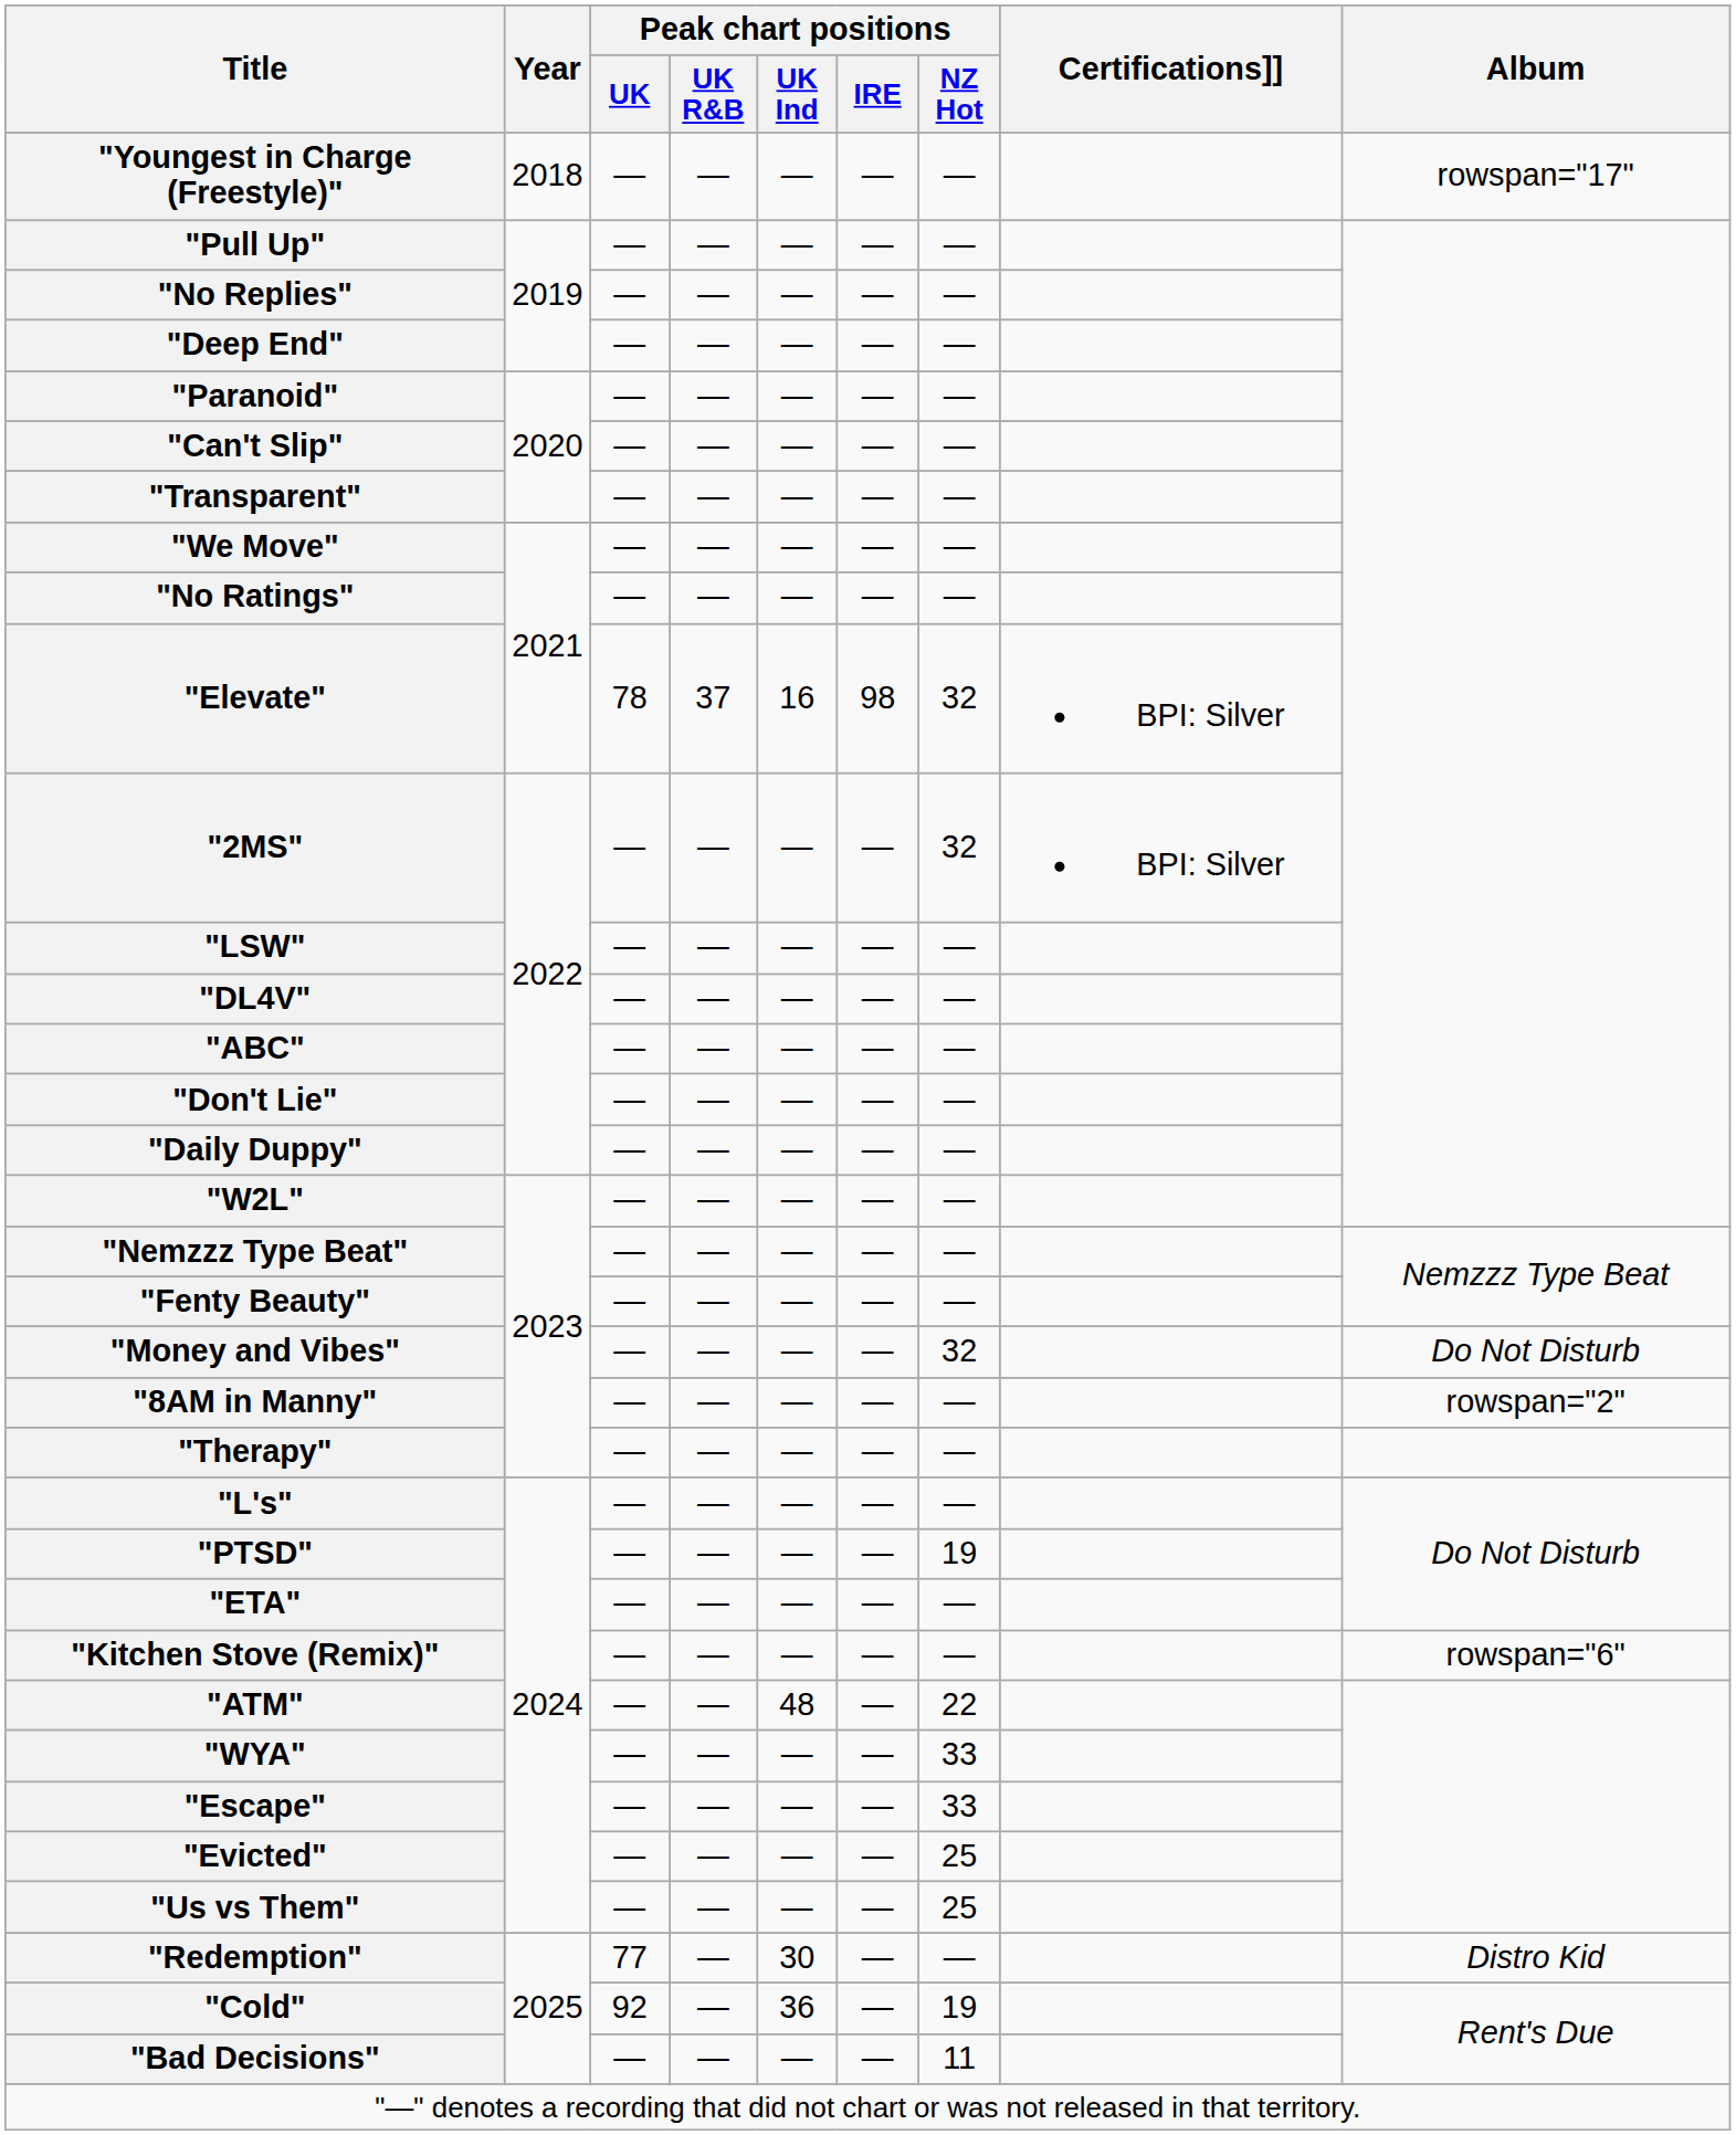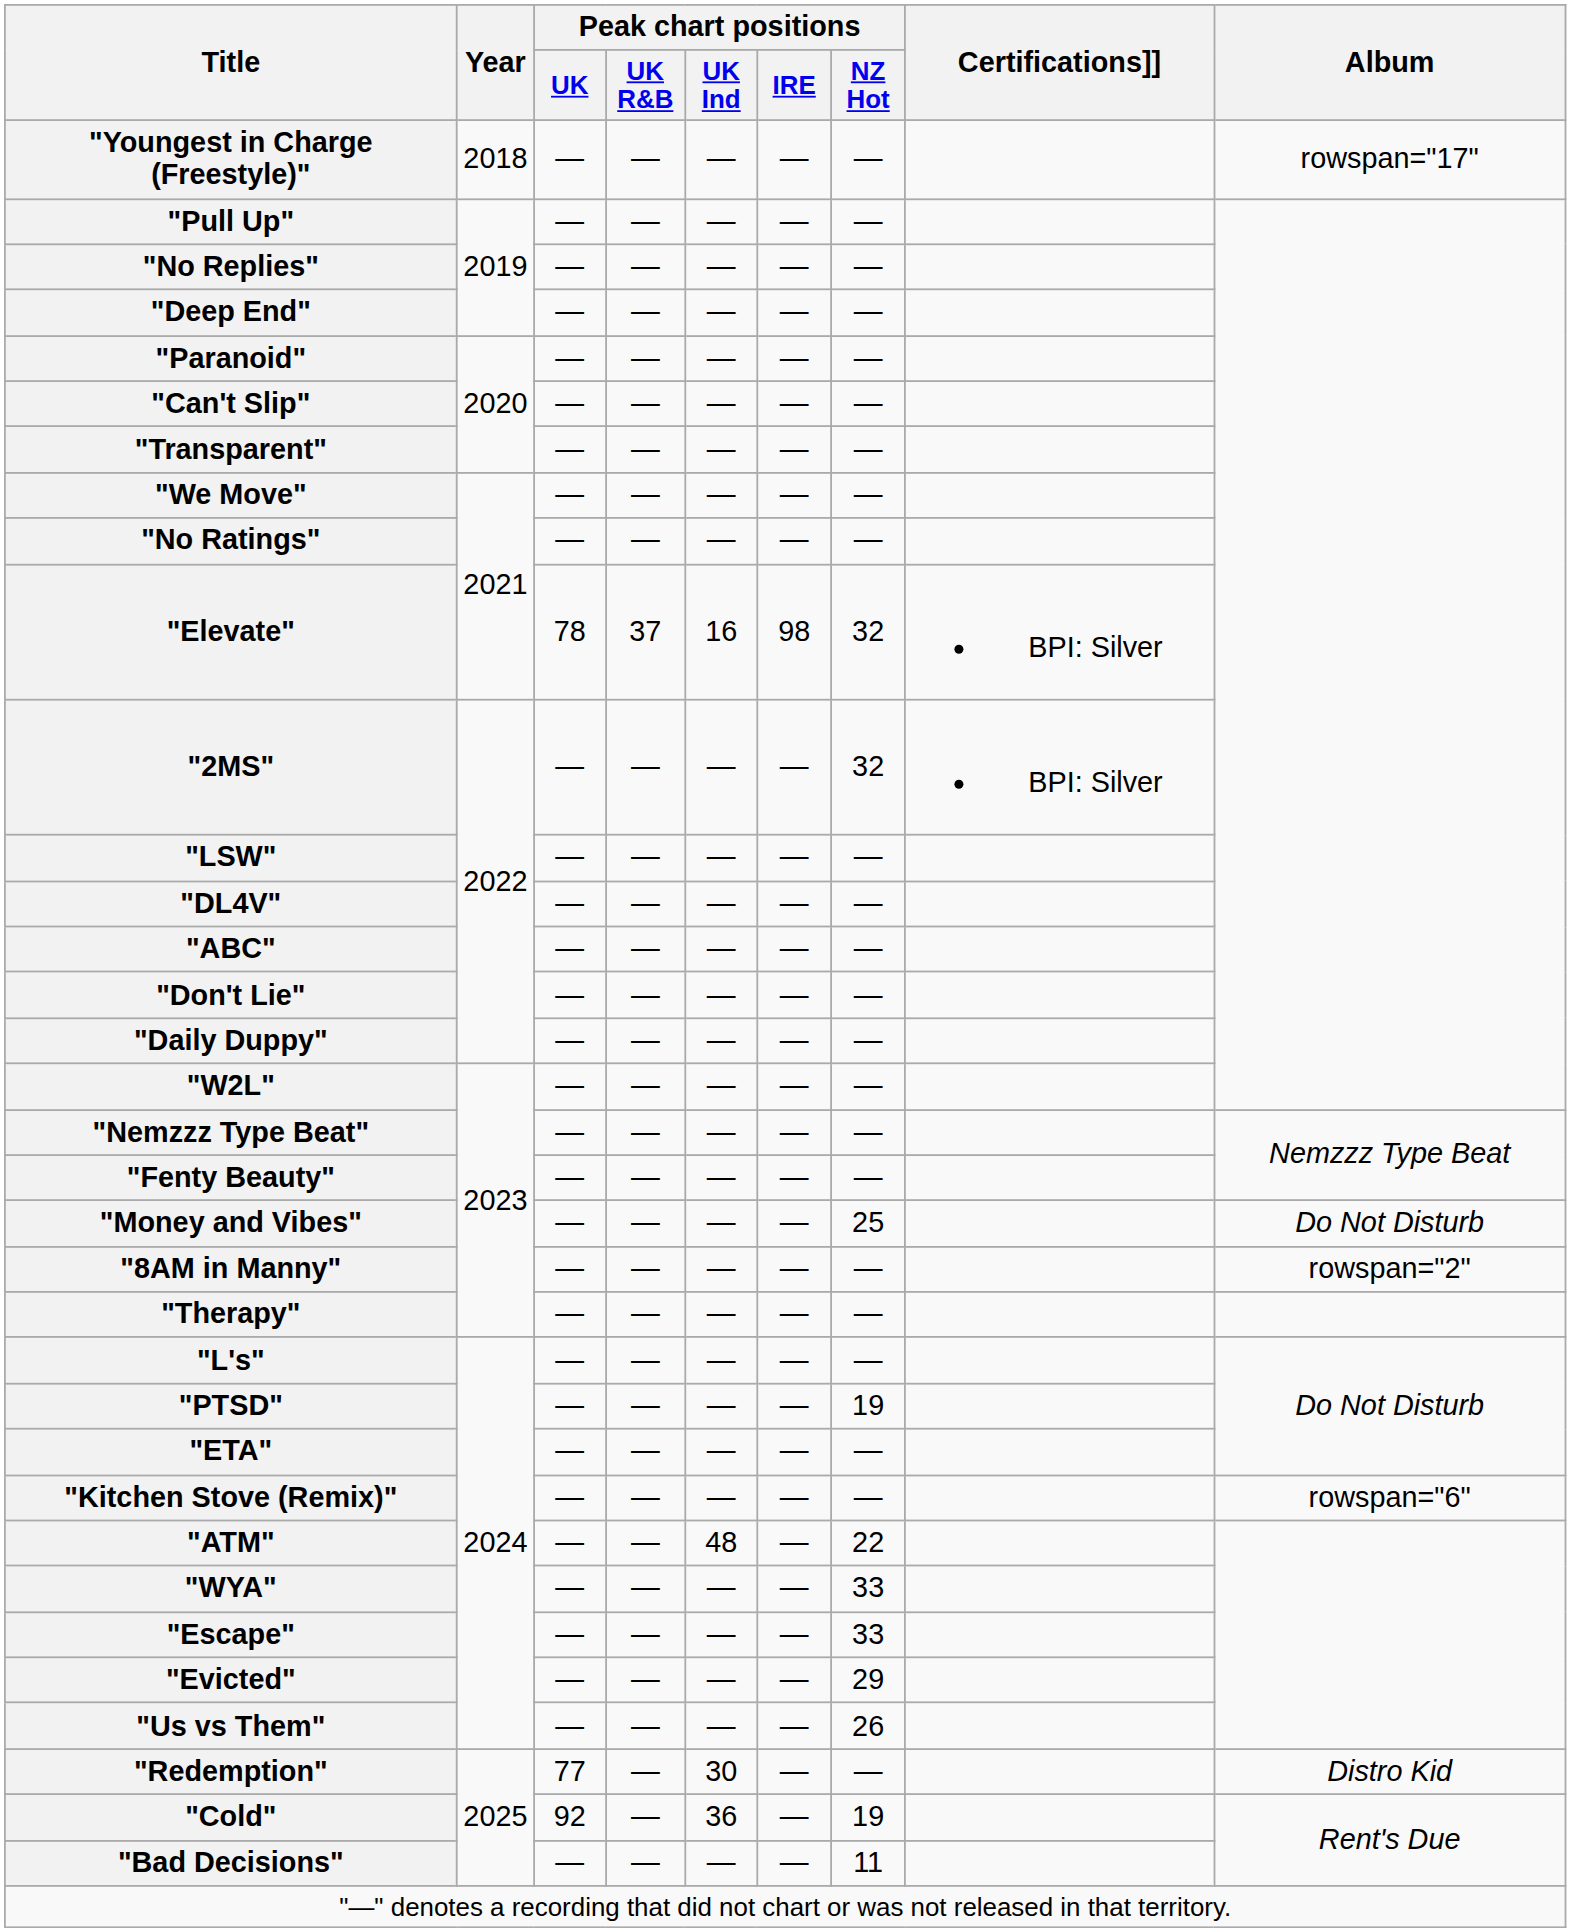 <table class="wikitable plainrowheaders" style="text-align:center;">
 <tr>
 <th scope="col" rowspan="2" style="width:22.5em;">Title</th>
 <th scope="col" rowspan="2" style="width:1em;">Year</th>
 <th scope="col" colspan="5">Peak chart positions</th>
 <th scope="col" rowspan="2" style="width:13em;">Certifications]]</th>
 <th scope="col" rowspan="2" style="width:16.5em;">Album</th>
 </tr>
 <tr>
 <th scope="col" style="width:3em;font-size:90%;"><a href='#'>UK</a><br></th>
 <th scope="col" style="width:3em;font-size:90%;"><a href='#'>UK<br>R&B</a><br></th>
 <th scope="col" style="width:3em;font-size:90%;"><a href='#'>UK<br>Ind</a><br></th>
 <th scope="col" style="width:3em;font-size:90%;"><a href='#'>IRE</a><br></th>
 <th scope="col" style="width:3em;font-size:90%;"><a href='#'>NZ<br>Hot</a><br></th>
 </tr>
 <tr>
 <th scope="row">"Youngest in Charge (Freestyle)"</th>
 <td>2018</td>
 <td>—</td>
 <td>—</td>
 <td>—</td>
 <td>—</td>
 <td>—</td>
 <td></td>
 <td>rowspan="17" </td>
 </tr>
 <tr>
 <th scope="row">"Pull Up"</th>
 <td rowspan="3">2019</td>
 <td>—</td>
 <td>—</td>
 <td>—</td>
 <td>—</td>
 <td>—</td>
 <td></td>
 </tr>
 <tr>
 <th scope="row">"No Replies"</th>
 <td>—</td>
 <td>—</td>
 <td>—</td>
 <td>—</td>
 <td>—</td>
 <td></td>
 </tr>
 <tr>
 <th scope="row">"Deep End"</th>
 <td>—</td>
 <td>—</td>
 <td>—</td>
 <td>—</td>
 <td>—</td>
 <td></td>
 </tr>
 <tr>
 <th scope="row">"Paranoid"</th>
 <td rowspan="3">2020</td>
 <td>—</td>
 <td>—</td>
 <td>—</td>
 <td>—</td>
 <td>—</td>
 <td></td>
 </tr>
 <tr>
 <th scope="row">"Can't Slip"</th>
 <td>—</td>
 <td>—</td>
 <td>—</td>
 <td>—</td>
 <td>—</td>
 <td></td>
 </tr>
 <tr>
 <th scope="row">"Transparent"</th>
 <td>—</td>
 <td>—</td>
 <td>—</td>
 <td>—</td>
 <td>—</td>
 <td></td>
 </tr>
 <tr>
 <th scope="row">"We Move"</th>
 <td rowspan="3">2021</td>
 <td>—</td>
 <td>—</td>
 <td>—</td>
 <td>—</td>
 <td>—</td>
 <td></td>
 </tr>
 <tr>
 <th scope="row">"No Ratings"</th>
 <td>—</td>
 <td>—</td>
 <td>—</td>
 <td>—</td>
 <td>—</td>
 <td></td>
 </tr>
 <tr>
 <th scope="row">"Elevate"</th>
 <td>78</td>
 <td>37</td>
 <td>16</td>
 <td>98</td>
 <td>32</td>
 <td><br><ul><li>BPI: Silver</li></ul></td>
 </tr>
 <tr>
 <th scope="row">"2MS"</th>
 <td rowspan="6">2022</td>
 <td>—</td>
 <td>—</td>
 <td>—</td>
 <td>—</td>
 <td>32</td>
 <td><br><ul><li>BPI: Silver</li></ul></td>
 </tr>
 <tr>
 <th scope="row">"LSW"</th>
 <td>—</td>
 <td>—</td>
 <td>—</td>
 <td>—</td>
 <td>—</td>
 <td></td>
 </tr>
 <tr>
 <th scope="row">"DL4V"</th>
 <td>—</td>
 <td>—</td>
 <td>—</td>
 <td>—</td>
 <td>—</td>
 <td></td>
 </tr>
 <tr>
 <th scope="row">"ABC"</th>
 <td>—</td>
 <td>—</td>
 <td>—</td>
 <td>—</td>
 <td>—</td>
 <td></td>
 </tr>
 <tr>
 <th scope="row">"Don't Lie"<br></th>
 <td>—</td>
 <td>—</td>
 <td>—</td>
 <td>—</td>
 <td>—</td>
 <td></td>
 </tr>
 <tr>
 <th scope="row">"Daily Duppy"<br></th>
 <td>—</td>
 <td>—</td>
 <td>—</td>
 <td>—</td>
 <td>—</td>
 <td></td>
 </tr>
 <tr>
 <th scope="row">"W2L"</th>
 <td rowspan="6">2023</td>
 <td>—</td>
 <td>—</td>
 <td>—</td>
 <td>—</td>
 <td>—</td>
 <td></td>
 </tr>
 <tr>
 <th scope="row">"Nemzzz Type Beat"</th>
 <td>—</td>
 <td>—</td>
 <td>—</td>
 <td>—</td>
 <td>—</td>
 <td></td>
 <td rowspan="2"><em>Nemzzz Type Beat</em></td>
 </tr>
 <tr>
 <th scope="row">"Fenty Beauty"</th>
 <td>—</td>
 <td>—</td>
 <td>—</td>
 <td>—</td>
 <td>—</td>
 <td></td>
 </tr>
 <tr>
 <th scope="row">"Money and Vibes"</th>
 <td>—</td>
 <td>—</td>
 <td>—</td>
 <td>—</td>
-<td>32</td>
+<td>25</td>
 <td></td>
 <td><em>Do Not Disturb</em></td>
 </tr>
 <tr>
 <th scope="row">"8AM in Manny"</th>
 <td>—</td>
 <td>—</td>
 <td>—</td>
 <td>—</td>
 <td>—</td>
 <td></td>
 <td>rowspan="2" </td>
 </tr>
 <tr>
 <th scope="row">"Therapy"</th>
 <td>—</td>
 <td>—</td>
 <td>—</td>
 <td>—</td>
 <td>—</td>
 <td></td>
 </tr>
 <tr>
 <th scope="row">"L's"</th>
 <td rowspan="9">2024</td>
 <td>—</td>
 <td>—</td>
 <td>—</td>
 <td>—</td>
 <td>—</td>
 <td></td>
 <td rowspan="3"><em>Do Not Disturb</em></td>
 </tr>
 <tr>
 <th scope="row">"PTSD"</th>
 <td>—</td>
 <td>—</td>
 <td>—</td>
 <td>—</td>
 <td>19</td>
 <td></td>
 </tr>
 <tr>
 <th scope="row">"ETA"<br></th>
 <td>—</td>
 <td>—</td>
 <td>—</td>
 <td>—</td>
 <td>—</td>
 <td></td>
 </tr>
 <tr>
 <th scope="row">"Kitchen Stove (Remix)"<br></th>
 <td>—</td>
 <td>—</td>
 <td>—</td>
 <td>—</td>
 <td>—</td>
 <td></td>
 <td>rowspan="6" </td>
 </tr>
 <tr>
 <th scope="row">"ATM"</th>
 <td>—</td>
 <td>—</td>
 <td>48</td>
 <td>—</td>
 <td>22</td>
 <td></td>
 </tr>
 <tr>
 <th scope="row">"WYA"</th>
 <td>—</td>
 <td>—</td>
 <td>—</td>
 <td>—</td>
 <td>33</td>
 <td></td>
 </tr>
 <tr>
 <th scope="row">"Escape"</th>
 <td>—</td>
 <td>—</td>
 <td>—</td>
 <td>—</td>
 <td>33</td>
 <td></td>
 </tr>
 <tr>
 <th scope="row">"Evicted"</th>
 <td>—</td>
 <td>—</td>
 <td>—</td>
 <td>—</td>
-<td>25</td>
+<td>29</td>
 <td></td>
 </tr>
 <tr>
 <th scope="row">"Us vs Them"</th>
 <td>—</td>
 <td>—</td>
 <td>—</td>
 <td>—</td>
-<td>25</td>
+<td>26</td>
 <td></td>
 </tr>
 <tr>
 <th scope="row">"Redemption"<br></th>
 <td rowspan="3">2025</td>
 <td>77</td>
 <td>—</td>
 <td>30</td>
 <td>—</td>
 <td>—</td>
 <td></td>
 <td><em>Distro Kid</em></td>
 </tr>
 <tr>
 <th scope="row">"Cold"</th>
 <td>92</td>
 <td>—</td>
 <td>36</td>
 <td>—</td>
 <td>19</td>
 <td></td>
 <td rowspan="2"><em>Rent's Due</em></td>
 </tr>
 <tr>
 <th scope="row">"Bad Decisions"</th>
 <td>—</td>
 <td>—</td>
 <td>—</td>
 <td>—</td>
 <td>11</td>
 <td></td>
 </tr>
 <tr>
 <td colspan="9" style="font-size:90%">"—" denotes a recording that did not chart or was not released in that territory.</td>
 </tr>
 </table>
